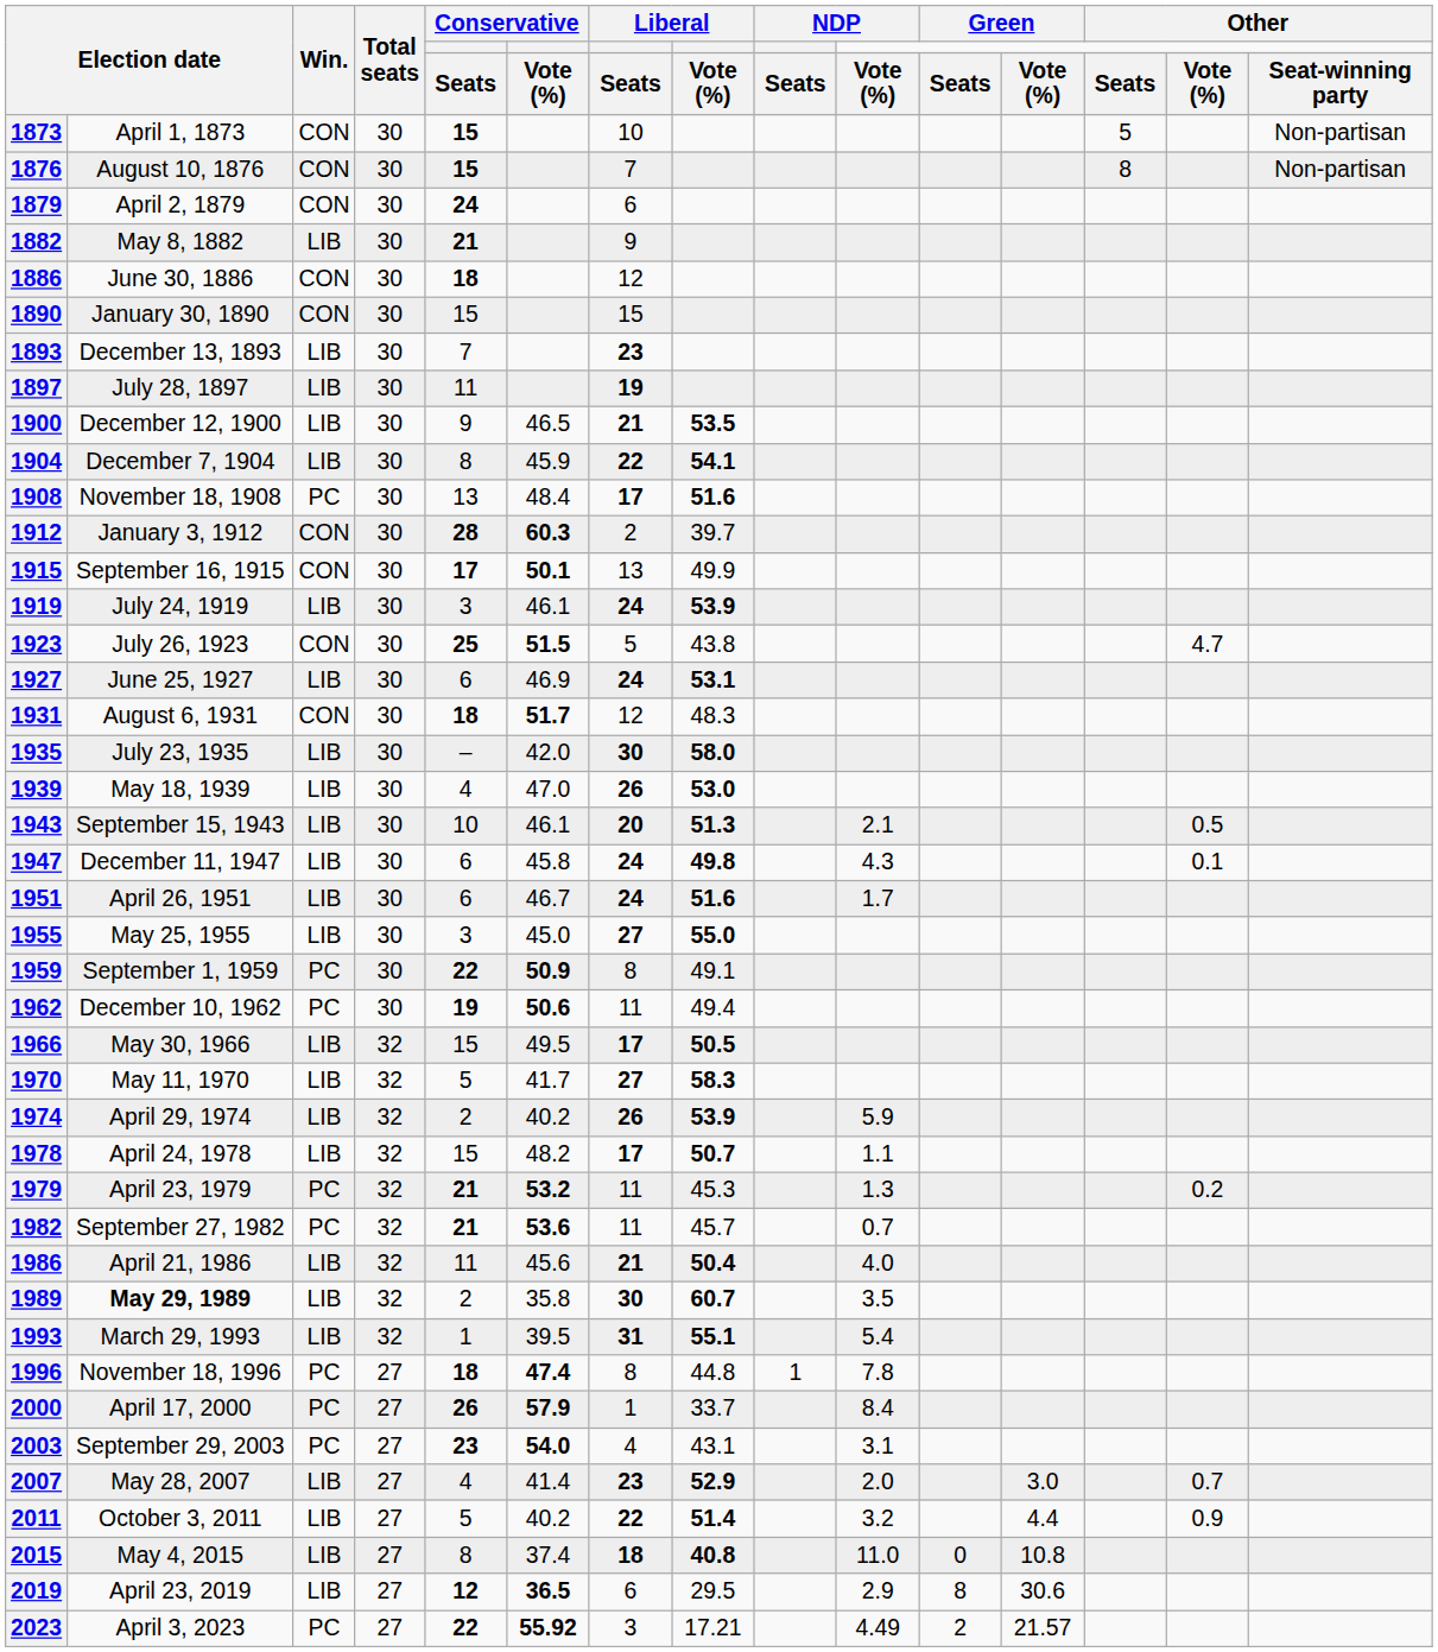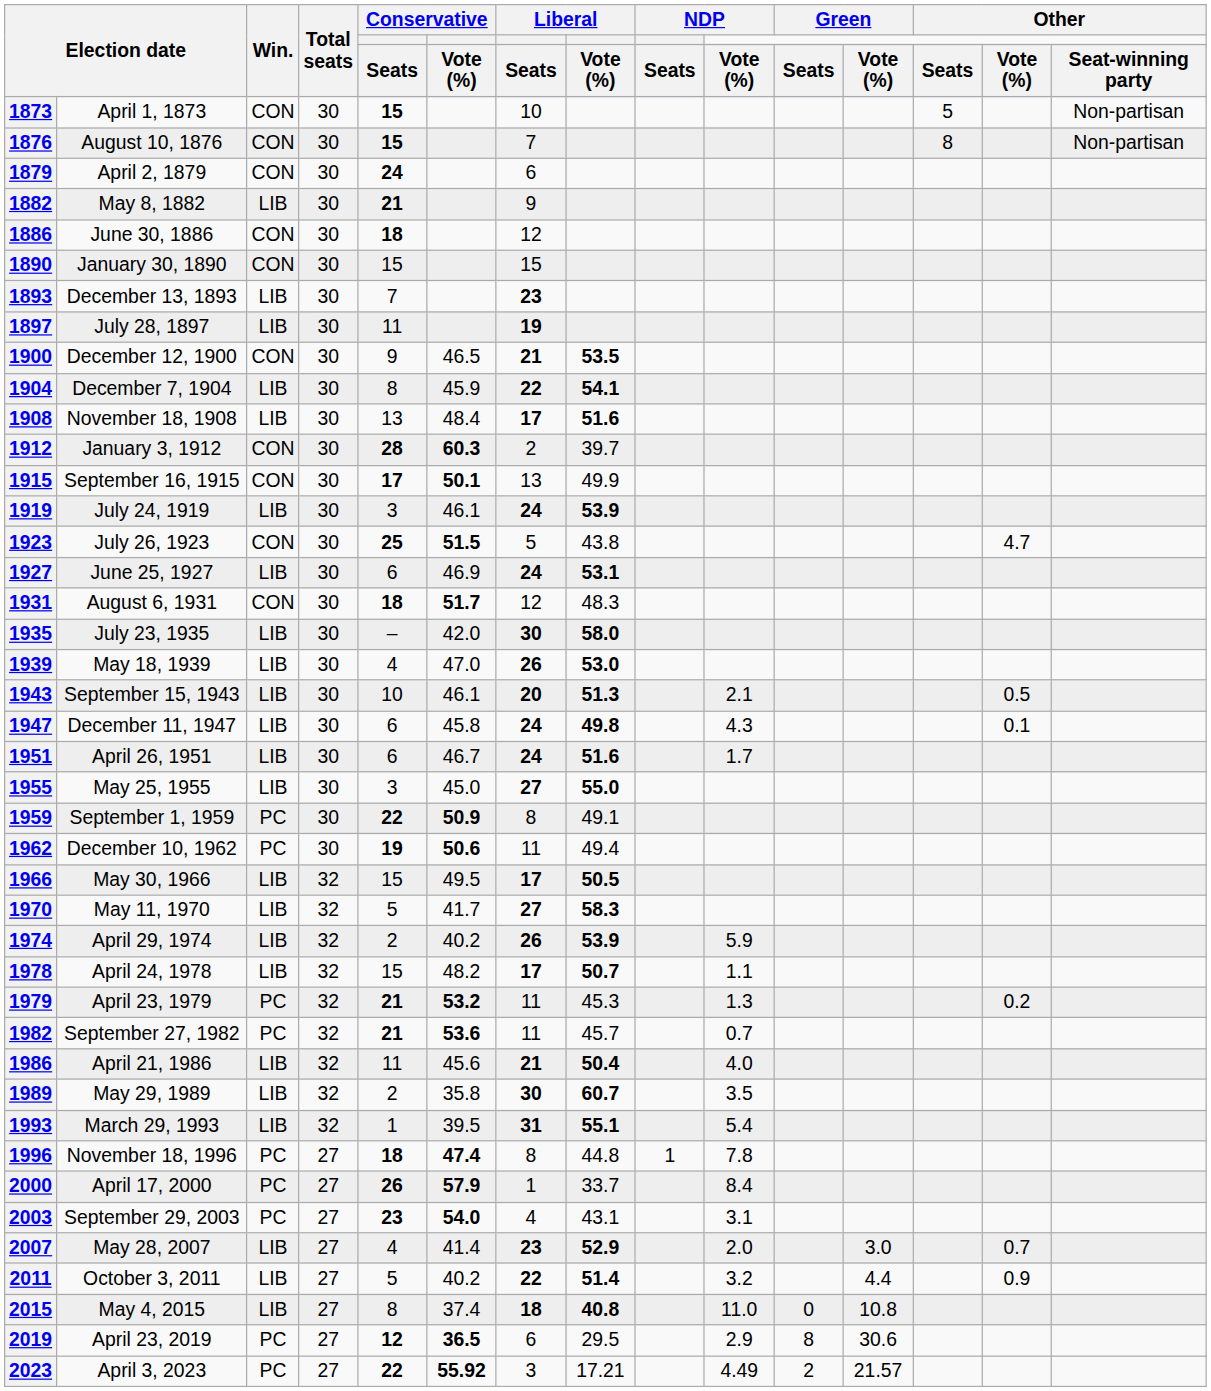 <table class="wikitable sortable" style="text-align:center">
 <tr>
 <th rowspan=3 colspan=2>Election date</th>
 <th rowspan=3>Win.</th>
 <th rowspan=3>Total<br>seats</th>
 <th colspan=2><a href='#'>Conservative</a></th>
 <th colspan=2><a href='#'>Liberal</a></th>
 <th colspan=2><a href='#'>NDP</a></th>
 <th colspan=2><a href='#'>Green</a></th>
 <th colspan=3>Other</th>
 </tr>
 <tr>
 <th style="background-color:"></th>
 <th style="background-color: "></th>
 <th style="background-color:"></th>
 <th style="background-color: "></th>
 <th style="background-color: "></th>
 </tr>
 <tr bgcolor="#ccccff">
 <th width=50>Seats</th>
 <th width=50>Vote<br>(%)</th>
 <th width=50>Seats</th>
 <th width=50>Vote<br>(%)</th>
 <th width=50>Seats</th>
 <th width=50>Vote<br>(%)</th>
 <th width=50>Seats</th>
 <th width=50>Vote<br>(%)</th>
 <th width=50>Seats</th>
 <th width=50>Vote<br>(%)</th>
 <th width=120>Seat-winning party</th>
 </tr>
 <tr>
 <th><a href='#'>1873</a></th>
 <td width="150px">April 1, 1873</td>
 <td>CON</td>
 <td>30</td>
 <td><strong>15</strong></td>
 <td></td>
 <td>10</td>
 <td></td>
 <td></td>
 <td></td>
 <td></td>
 <td></td>
 <td>5</td>
 <td></td>
 <td>Non-partisan</td>
 </tr>
 <tr style="background:#EEEEEE">
 <th><a href='#'>1876</a></th>
 <td>August 10, 1876</td>
 <td>CON</td>
 <td>30</td>
 <td><strong>15</strong></td>
 <td></td>
 <td>7</td>
 <td></td>
 <td></td>
 <td></td>
 <td></td>
 <td></td>
 <td>8</td>
 <td></td>
 <td>Non-partisan</td>
 </tr>
 <tr>
 <th><a href='#'>1879</a></th>
 <td>April 2, 1879</td>
 <td>CON</td>
 <td>30</td>
 <td><strong>24</strong></td>
 <td></td>
 <td>6</td>
 <td></td>
 <td></td>
 <td></td>
 <td></td>
 <td></td>
 <td></td>
 <td></td>
 <td></td>
 </tr>
 <tr style="background:#EEEEEE">
 <th><a href='#'>1882</a></th>
 <td>May 8, 1882</td>
 <td>LIB</td>
 <td>30</td>
 <td><strong>21</strong></td>
 <td></td>
 <td>9</td>
 <td></td>
 <td></td>
 <td></td>
 <td></td>
 <td></td>
 <td></td>
 <td></td>
 <td></td>
 </tr>
 <tr>
 <th><a href='#'>1886</a></th>
 <td>June 30, 1886</td>
 <td>CON</td>
 <td>30</td>
 <td><strong>18</strong></td>
 <td></td>
 <td>12</td>
 <td></td>
 <td></td>
 <td></td>
 <td></td>
 <td></td>
 <td></td>
 <td></td>
 <td></td>
 </tr>
 <tr style="background:#EEEEEE">
 <th><a href='#'>1890</a></th>
 <td>January 30, 1890</td>
 <td>CON</td>
 <td>30</td>
 <td>15</td>
 <td></td>
 <td>15</td>
 <td></td>
 <td></td>
 <td></td>
 <td></td>
 <td></td>
 <td></td>
 <td></td>
 <td></td>
 </tr>
 <tr>
 <th><a href='#'>1893</a></th>
 <td>December 13, 1893</td>
 <td>LIB</td>
 <td>30</td>
 <td>7</td>
 <td></td>
 <td><strong>23</strong></td>
 <td></td>
 <td></td>
 <td></td>
 <td></td>
 <td></td>
 <td></td>
 <td></td>
 <td></td>
 </tr>
 <tr style="background:#EEEEEE">
 <th><a href='#'>1897</a></th>
 <td>July 28, 1897</td>
 <td>LIB</td>
 <td>30</td>
 <td>11</td>
 <td></td>
 <td><strong>19</strong></td>
 <td></td>
 <td></td>
 <td></td>
 <td></td>
 <td></td>
 <td></td>
 <td></td>
 <td></td>
 </tr>
 <tr>
 <th><a href='#'>1900</a></th>
 <td>December 12, 1900</td>
-<td>LIB</td>
+<td>CON</td>
 <td>30</td>
 <td>9</td>
 <td>46.5</td>
 <td><strong>21</strong></td>
 <td><strong>53.5</strong></td>
 <td></td>
 <td></td>
 <td></td>
 <td></td>
 <td></td>
 <td></td>
 <td></td>
 </tr>
 <tr style="background:#EEEEEE">
 <th><a href='#'>1904</a></th>
 <td>December 7, 1904</td>
 <td>LIB</td>
 <td>30</td>
 <td>8</td>
 <td>45.9</td>
 <td><strong>22</strong></td>
 <td><strong>54.1</strong></td>
 <td></td>
 <td></td>
 <td></td>
 <td></td>
 <td></td>
 <td></td>
 <td></td>
 </tr>
 <tr>
 <th><a href='#'>1908</a></th>
 <td>November 18, 1908</td>
-<td>PC</td>
+<td>LIB</td>
 <td>30</td>
 <td>13</td>
 <td>48.4</td>
 <td><strong>17</strong></td>
 <td><strong>51.6</strong></td>
 <td></td>
 <td></td>
 <td></td>
 <td></td>
 <td></td>
 <td></td>
 <td></td>
 </tr>
 <tr style="background:#EEEEEE">
 <th><a href='#'>1912</a></th>
 <td>January 3, 1912</td>
 <td>CON</td>
 <td>30</td>
 <td><strong>28</strong></td>
 <td><strong>60.3</strong></td>
 <td>2</td>
 <td>39.7</td>
 <td></td>
 <td></td>
 <td></td>
 <td></td>
 <td></td>
 <td></td>
 <td></td>
 </tr>
 <tr>
 <th><a href='#'>1915</a></th>
 <td>September 16, 1915</td>
 <td>CON</td>
 <td>30</td>
 <td><strong>17</strong></td>
 <td><strong>50.1</strong></td>
 <td>13</td>
 <td>49.9</td>
 <td></td>
 <td></td>
 <td></td>
 <td></td>
 <td></td>
 <td></td>
 <td></td>
 </tr>
 <tr style="background:#EEEEEE">
 <th><a href='#'>1919</a></th>
 <td>July 24, 1919</td>
 <td>LIB</td>
 <td>30</td>
 <td>3</td>
 <td>46.1</td>
 <td><strong>24</strong></td>
 <td><strong>53.9</strong></td>
 <td></td>
 <td></td>
 <td></td>
 <td></td>
 <td></td>
 <td></td>
 <td></td>
 </tr>
 <tr>
 <th><a href='#'>1923</a></th>
 <td>July 26, 1923</td>
 <td>CON</td>
 <td>30</td>
 <td><strong>25</strong></td>
 <td><strong>51.5</strong></td>
 <td>5</td>
 <td>43.8</td>
 <td></td>
 <td></td>
 <td></td>
 <td></td>
 <td></td>
 <td>4.7</td>
 <td></td>
 </tr>
 <tr style="background:#EEEEEE">
 <th><a href='#'>1927</a></th>
 <td>June 25, 1927</td>
 <td>LIB</td>
 <td>30</td>
 <td>6</td>
 <td>46.9</td>
 <td><strong>24</strong></td>
 <td><strong>53.1</strong></td>
 <td></td>
 <td></td>
 <td></td>
 <td></td>
 <td></td>
 <td></td>
 <td></td>
 </tr>
 <tr>
 <th><a href='#'>1931</a></th>
 <td>August 6, 1931</td>
 <td>CON</td>
 <td>30</td>
 <td><strong>18</strong></td>
 <td><strong>51.7</strong></td>
 <td>12</td>
 <td>48.3</td>
 <td></td>
 <td></td>
 <td></td>
 <td></td>
 <td></td>
 <td></td>
 <td></td>
 </tr>
 <tr style="background:#EEEEEE">
 <th><a href='#'>1935</a></th>
 <td>July 23, 1935</td>
 <td>LIB</td>
 <td>30</td>
 <td>–</td>
 <td>42.0</td>
 <td><strong>30</strong></td>
 <td><strong>58.0</strong></td>
 <td></td>
 <td></td>
 <td></td>
 <td></td>
 <td></td>
 <td></td>
 <td></td>
 </tr>
 <tr>
 <th><a href='#'>1939</a></th>
 <td>May 18, 1939</td>
 <td>LIB</td>
 <td>30</td>
 <td>4</td>
 <td>47.0</td>
 <td><strong>26</strong></td>
 <td><strong>53.0</strong></td>
 <td></td>
 <td></td>
 <td></td>
 <td></td>
 <td></td>
 <td></td>
 <td></td>
 </tr>
 <tr style="background:#EEEEEE">
 <th><a href='#'>1943</a></th>
 <td>September 15, 1943</td>
 <td>LIB</td>
 <td>30</td>
 <td>10</td>
 <td>46.1</td>
 <td><strong>20</strong></td>
 <td><strong>51.3</strong></td>
 <td></td>
 <td>2.1</td>
 <td></td>
 <td></td>
 <td></td>
 <td>0.5</td>
 <td></td>
 </tr>
 <tr>
 <th><a href='#'>1947</a></th>
 <td>December 11, 1947</td>
 <td>LIB</td>
 <td>30</td>
 <td>6</td>
 <td>45.8</td>
 <td><strong>24</strong></td>
 <td><strong>49.8</strong></td>
 <td></td>
 <td>4.3</td>
 <td></td>
 <td></td>
 <td></td>
 <td>0.1</td>
 <td></td>
 </tr>
 <tr style="background:#EEEEEE">
 <th><a href='#'>1951</a></th>
 <td>April 26, 1951</td>
 <td>LIB</td>
 <td>30</td>
 <td>6</td>
 <td>46.7</td>
 <td><strong>24</strong></td>
 <td><strong>51.6</strong></td>
 <td></td>
 <td>1.7</td>
 <td></td>
 <td></td>
 <td></td>
 <td></td>
 <td></td>
 </tr>
 <tr>
 <th><a href='#'>1955</a></th>
 <td>May 25, 1955</td>
 <td>LIB</td>
 <td>30</td>
 <td>3</td>
 <td>45.0</td>
 <td><strong>27</strong></td>
 <td><strong>55.0</strong></td>
 <td></td>
 <td></td>
 <td></td>
 <td></td>
 <td></td>
 <td></td>
 <td></td>
 </tr>
 <tr style="background:#EEEEEE">
 <th><a href='#'>1959</a></th>
 <td>September 1, 1959</td>
 <td>PC</td>
 <td>30</td>
 <td><strong>22</strong></td>
 <td><strong>50.9</strong></td>
 <td>8</td>
 <td>49.1</td>
 <td></td>
 <td></td>
 <td></td>
 <td></td>
 <td></td>
 <td></td>
 <td></td>
 </tr>
 <tr>
 <th><a href='#'>1962</a></th>
 <td>December 10, 1962</td>
 <td>PC</td>
 <td>30</td>
 <td><strong>19</strong></td>
 <td><strong>50.6</strong></td>
 <td>11</td>
 <td>49.4</td>
 <td></td>
 <td></td>
 <td></td>
 <td></td>
 <td></td>
 <td></td>
 <td></td>
 </tr>
 <tr style="background:#EEEEEE">
 <th><a href='#'>1966</a></th>
 <td>May 30, 1966</td>
 <td>LIB</td>
 <td>32</td>
 <td>15</td>
 <td>49.5</td>
 <td><strong>17</strong></td>
 <td><strong>50.5</strong></td>
 <td></td>
 <td></td>
 <td></td>
 <td></td>
 <td></td>
 <td></td>
 <td></td>
 </tr>
 <tr>
 <th><a href='#'>1970</a></th>
 <td>May 11, 1970</td>
 <td>LIB</td>
 <td>32</td>
 <td>5</td>
 <td>41.7</td>
 <td><strong>27</strong></td>
 <td><strong>58.3</strong></td>
 <td></td>
 <td></td>
 <td></td>
 <td></td>
 <td></td>
 <td></td>
 <td></td>
 </tr>
 <tr style="background:#EEEEEE">
 <th><a href='#'>1974</a></th>
 <td>April 29, 1974</td>
 <td>LIB</td>
 <td>32</td>
 <td>2</td>
 <td>40.2</td>
 <td><strong>26</strong></td>
 <td><strong>53.9</strong></td>
 <td></td>
 <td>5.9</td>
 <td></td>
 <td></td>
 <td></td>
 <td></td>
 <td></td>
 </tr>
 <tr>
 <th><a href='#'>1978</a></th>
 <td>April 24, 1978</td>
 <td>LIB</td>
 <td>32</td>
 <td>15</td>
 <td>48.2</td>
 <td><strong>17</strong></td>
 <td><strong>50.7</strong></td>
 <td></td>
 <td>1.1</td>
 <td></td>
 <td></td>
 <td></td>
 <td></td>
 <td></td>
 </tr>
 <tr style="background:#EEEEEE">
 <th><a href='#'>1979</a></th>
 <td>April 23, 1979</td>
 <td>PC</td>
 <td>32</td>
 <td><strong>21</strong></td>
 <td><strong>53.2</strong></td>
 <td>11</td>
 <td>45.3</td>
 <td></td>
 <td>1.3</td>
 <td></td>
 <td></td>
 <td></td>
 <td>0.2</td>
 <td></td>
 </tr>
 <tr>
 <th><a href='#'>1982</a></th>
 <td>September 27, 1982</td>
 <td>PC</td>
 <td>32</td>
 <td><strong>21</strong></td>
 <td><strong>53.6</strong></td>
 <td>11</td>
 <td>45.7</td>
 <td></td>
 <td>0.7</td>
 <td></td>
 <td></td>
 <td></td>
 <td></td>
 <td></td>
 </tr>
 <tr style="background:#EEEEEE">
 <th><a href='#'>1986</a></th>
 <td>April 21, 1986</td>
 <td>LIB</td>
 <td>32</td>
 <td>11</td>
 <td>45.6</td>
 <td><strong>21</strong></td>
 <td><strong>50.4</strong></td>
 <td></td>
 <td>4.0</td>
 <td></td>
 <td></td>
 <td></td>
 <td></td>
 <td></td>
 </tr>
 <tr>
 <th><a href='#'>1989</a></th>
-<td><strong>May 29, 1989</strong></td>
+<td>May 29, 1989</td>
 <td>LIB</td>
 <td>32</td>
 <td>2</td>
 <td>35.8</td>
 <td><strong>30</strong></td>
 <td><strong>60.7</strong></td>
 <td></td>
 <td>3.5</td>
 <td></td>
 <td></td>
 <td></td>
 <td></td>
 <td></td>
 </tr>
 <tr style="background:#EEEEEE">
 <th><a href='#'>1993</a></th>
 <td>March 29, 1993</td>
 <td>LIB</td>
 <td>32</td>
 <td>1</td>
 <td>39.5</td>
 <td><strong>31</strong></td>
 <td><strong>55.1</strong></td>
 <td></td>
 <td>5.4</td>
 <td></td>
 <td></td>
 <td></td>
 <td></td>
 <td></td>
 </tr>
 <tr>
 <th><a href='#'>1996</a></th>
 <td>November 18, 1996</td>
 <td>PC</td>
 <td>27</td>
 <td><strong>18</strong></td>
 <td><strong>47.4</strong></td>
 <td>8</td>
 <td>44.8</td>
 <td>1</td>
 <td>7.8</td>
 <td></td>
 <td></td>
 <td></td>
 <td></td>
 <td></td>
 </tr>
 <tr style="background:#EEEEEE">
 <th><a href='#'>2000</a></th>
 <td>April 17, 2000</td>
 <td>PC</td>
 <td>27</td>
 <td><strong>26</strong></td>
 <td><strong>57.9</strong></td>
 <td>1</td>
 <td>33.7</td>
 <td></td>
 <td>8.4</td>
 <td></td>
 <td></td>
 <td></td>
 <td></td>
 <td></td>
 </tr>
 <tr>
 <th><a href='#'>2003</a></th>
 <td>September 29, 2003</td>
 <td>PC</td>
 <td>27</td>
 <td><strong>23</strong></td>
 <td><strong>54.0</strong></td>
 <td>4</td>
 <td>43.1</td>
 <td></td>
 <td>3.1</td>
 <td></td>
 <td></td>
 <td></td>
 <td></td>
 <td></td>
 </tr>
 <tr style="background:#EEEEEE">
 <th><a href='#'>2007</a></th>
 <td>May 28, 2007</td>
 <td>LIB</td>
 <td>27</td>
 <td>4</td>
 <td>41.4</td>
 <td><strong>23</strong></td>
 <td><strong>52.9</strong></td>
 <td> </td>
 <td>2.0</td>
 <td> </td>
 <td>3.0</td>
 <td> </td>
 <td>0.7</td>
 <td> </td>
 </tr>
 <tr>
 <th><a href='#'>2011</a></th>
 <td>October 3, 2011</td>
 <td>LIB</td>
 <td>27</td>
 <td>5</td>
 <td>40.2</td>
 <td><strong>22</strong></td>
 <td><strong>51.4</strong></td>
 <td> </td>
 <td>3.2</td>
 <td> </td>
 <td>4.4</td>
 <td> </td>
 <td>0.9</td>
 <td> </td>
 </tr>
 <tr style="background:#EEEEEE">
 <th><a href='#'>2015</a></th>
 <td>May 4, 2015</td>
 <td>LIB</td>
 <td>27</td>
 <td>8</td>
 <td>37.4</td>
 <td><strong>18</strong></td>
 <td><strong>40.8</strong></td>
 <td> </td>
 <td>11.0</td>
 <td>0</td>
 <td>10.8</td>
 <td> </td>
 <td> </td>
 <td> </td>
 </tr>
 <tr>
 <th><a href='#'>2019</a></th>
 <td>April 23, 2019</td>
-<td>LIB</td>
+<td>PC</td>
 <td>27</td>
 <td><strong>12</strong></td>
 <td><strong>36.5</strong></td>
 <td>6</td>
 <td>29.5</td>
 <td> </td>
 <td>2.9</td>
 <td>8</td>
 <td>30.6</td>
 <td> </td>
 <td> </td>
 <td> </td>
 </tr>
 <tr>
 <th><a href='#'>2023</a></th>
 <td>April 3, 2023</td>
 <td>PC</td>
 <td>27</td>
 <td><strong>22</strong></td>
 <td><strong>55.92</strong></td>
 <td>3</td>
 <td>17.21</td>
 <td></td>
 <td>4.49</td>
 <td>2</td>
 <td>21.57</td>
 <td> </td>
 <td> </td>
 <td> </td>
 </tr>
 </table>
